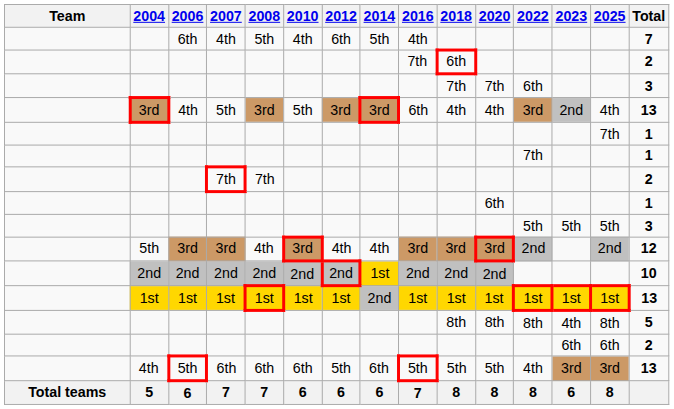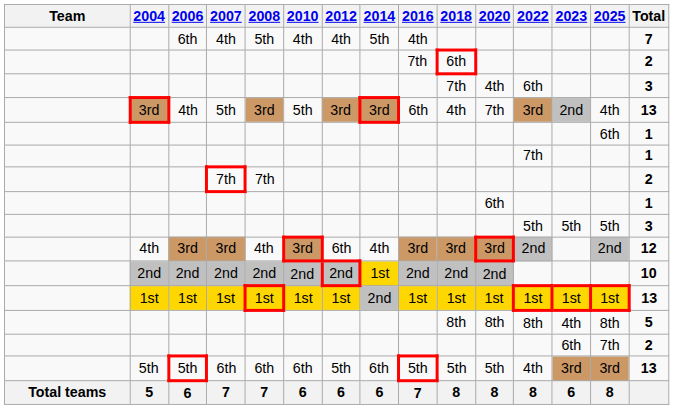 <table class="wikitable sortable" style="text-align:center; font-size:90%">
 <tr>
 <th width=120>Team</th>
 <th><a href='#'>2004</a></th>
 <th><a href='#'>2006</a></th>
 <th><a href='#'>2007</a></th>
 <th><a href='#'>2008</a></th>
 <th><a href='#'>2010</a></th>
 <th><a href='#'>2012</a></th>
 <th><a href='#'>2014</a></th>
 <th><a href='#'>2016</a></th>
 <th><a href='#'>2018</a></th>
 <th><a href='#'>2020</a></th>
 <th><a href='#'>2022</a></th>
 <th><a href='#'>2023</a></th>
 <th><a href='#'>2025</a></th>
 <th>Total</th>
 </tr>
 <tr>
 <td align=left></td>
 <td></td>
 <td>6th</td>
 <td>4th</td>
 <td>5th</td>
 <td>4th</td>
-<td>6th</td>
+<td>4th</td>
 <td>5th</td>
 <td>4th</td>
 <td></td>
 <td></td>
 <td></td>
 <td></td>
 <td></td>
 <td><strong>7</strong></td>
 </tr>
 <tr>
 <td align=left></td>
 <td></td>
 <td></td>
 <td></td>
 <td></td>
 <td></td>
 <td></td>
 <td></td>
 <td>7th</td>
 <td style="border:3px solid red">6th</td>
 <td></td>
 <td></td>
 <td></td>
 <td></td>
 <td><strong>2</strong></td>
 </tr>
 <tr>
 <td align=left></td>
 <td></td>
 <td></td>
 <td></td>
 <td></td>
 <td></td>
 <td></td>
 <td></td>
 <td></td>
 <td>7th</td>
-<td>7th</td>
+<td>4th</td>
 <td>6th</td>
 <td></td>
 <td></td>
 <td><strong>3</strong></td>
 </tr>
 <tr>
 <td align=left></td>
 <td style="border:3px solid red" bgcolor=#cc9966>3rd</td>
 <td>4th</td>
 <td>5th</td>
 <td bgcolor=#cc9966>3rd</td>
 <td>5th</td>
 <td bgcolor=#cc9966>3rd</td>
 <td style="border:3px solid red" bgcolor=#cc9966>3rd</td>
 <td>6th</td>
 <td>4th</td>
-<td>4th</td>
+<td>7th</td>
 <td bgcolor=#cc9966>3rd</td>
 <td bgcolor=silver>2nd</td>
 <td>4th</td>
 <td><strong>13</strong></td>
 </tr>
 <tr>
 <td align=left></td>
 <td></td>
 <td></td>
 <td></td>
 <td></td>
 <td></td>
 <td></td>
 <td></td>
 <td></td>
 <td></td>
 <td></td>
 <td></td>
 <td></td>
-<td>7th</td>
+<td>6th</td>
 <td><strong>1</strong></td>
 </tr>
 <tr>
 <td align=left></td>
 <td></td>
 <td></td>
 <td></td>
 <td></td>
 <td></td>
 <td></td>
 <td></td>
 <td></td>
 <td></td>
 <td></td>
 <td>7th</td>
 <td></td>
 <td></td>
 <td><strong>1</strong></td>
 </tr>
 <tr>
 <td align=left></td>
 <td></td>
 <td></td>
 <td style="border:3px solid red">7th</td>
 <td>7th</td>
 <td></td>
 <td></td>
 <td></td>
 <td></td>
 <td></td>
 <td></td>
 <td></td>
 <td></td>
 <td></td>
 <td><strong>2</strong></td>
 </tr>
 <tr>
 <td align=left></td>
 <td></td>
 <td></td>
 <td></td>
 <td></td>
 <td></td>
 <td></td>
 <td></td>
 <td></td>
 <td></td>
 <td>6th</td>
 <td></td>
 <td></td>
 <td></td>
 <td><strong>1</strong></td>
 </tr>
 <tr>
 <td align=left></td>
 <td></td>
 <td></td>
 <td></td>
 <td></td>
 <td></td>
 <td></td>
 <td></td>
 <td></td>
 <td></td>
 <td></td>
 <td>5th</td>
 <td>5th</td>
 <td>5th</td>
 <td><strong>3</strong></td>
 </tr>
 <tr>
 <td align=left></td>
-<td>5th</td>
+<td>4th</td>
 <td bgcolor="#cc9966">3rd</td>
 <td bgcolor="#cc9966">3rd</td>
 <td>4th</td>
 <td style="border:3px solid red" bgcolor="#cc9966">3rd</td>
-<td>4th</td>
+<td>6th</td>
 <td>4th</td>
 <td bgcolor="#cc9966">3rd</td>
 <td bgcolor="#cc9966">3rd</td>
 <td style="border:3px solid red" bgcolor="#cc9966">3rd</td>
 <td bgcolor="silver">2nd</td>
 <td></td>
 <td bgcolor="silver">2nd</td>
 <td><strong>12</strong></td>
 </tr>
 <tr>
 <td align=left></td>
 <td bgcolor="silver">2nd</td>
 <td bgcolor="silver">2nd</td>
 <td bgcolor="silver">2nd</td>
 <td bgcolor="silver">2nd</td>
 <td bgcolor="silver">2nd</td>
 <td style="border:3px solid red" bgcolor="silver">2nd</td>
 <td bgcolor="gold">1st</td>
 <td bgcolor="silver">2nd</td>
 <td bgcolor="silver">2nd</td>
 <td bgcolor="silver">2nd</td>
 <td></td>
 <td></td>
 <td></td>
 <td><strong>10</strong></td>
 </tr>
 <tr>
 <td align=left></td>
 <td bgcolor="gold">1st</td>
 <td bgcolor="gold">1st</td>
 <td bgcolor="gold">1st</td>
 <td style="border:3px solid red" bgcolor="gold">1st</td>
 <td bgcolor="gold">1st</td>
 <td bgcolor="gold">1st</td>
 <td bgcolor="silver">2nd</td>
 <td bgcolor="gold">1st</td>
 <td bgcolor="gold">1st</td>
 <td bgcolor="gold">1st</td>
 <td style="border:3px solid red" bgcolor="gold">1st</td>
 <td style="border:3px solid red" bgcolor="gold">1st</td>
 <td style="border:3px solid red" bgcolor="gold">1st</td>
 <td><strong>13</strong></td>
 </tr>
 <tr>
 <td align=left></td>
 <td></td>
 <td></td>
 <td></td>
 <td></td>
 <td></td>
 <td></td>
 <td></td>
 <td></td>
 <td>8th</td>
 <td>8th</td>
 <td>8th</td>
 <td>4th</td>
 <td>8th</td>
 <td><strong>5</strong></td>
 </tr>
 <tr>
 <td align=left></td>
 <td></td>
 <td></td>
 <td></td>
 <td></td>
 <td></td>
 <td></td>
 <td></td>
 <td></td>
 <td></td>
 <td></td>
 <td></td>
 <td>6th</td>
-<td>6th</td>
+<td>7th</td>
 <td><strong>2</strong></td>
 </tr>
 <tr>
 <td align=left></td>
-<td>4th</td>
+<td>5th</td>
 <td style="border:3px solid red">5th</td>
 <td>6th</td>
 <td>6th</td>
 <td>6th</td>
 <td>5th</td>
 <td>6th</td>
 <td style="border:3px solid red">5th</td>
 <td>5th</td>
 <td>5th</td>
 <td>4th</td>
 <td bgcolor="#cc9966">3rd</td>
 <td bgcolor="#cc9966">3rd</td>
 <td><strong>13</strong></td>
 </tr>
 <tr>
 <th>Total teams</th>
 <th>5</th>
 <th>6</th>
 <th>7</th>
 <th>7</th>
 <th>6</th>
 <th>6</th>
 <th>6</th>
 <th>7</th>
 <th>8</th>
 <th>8</th>
 <th>8</th>
 <th>6</th>
 <th>8</th>
 <th></th>
 </tr>
 </table>
